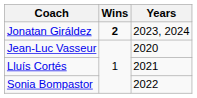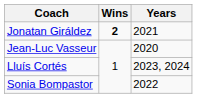 <table class="wikitable sortable">
 <tr>
 <th>Coach</th>
 <th>Wins</th>
 <th>Years</th>
 </tr>
 <tr>
 <td> <a href='#'>Jonatan Giráldez</a></td>
 <td align="center"><strong>2</strong></td>
-<td>2023, 2024</td>
+<td>2021</td>
 </tr>
 <tr>
 <td> <a href='#'>Jean-Luc Vasseur</a></td>
 <td rowspan="3" align="center">1</td>
 <td>2020</td>
 </tr>
 <tr>
 <td> <a href='#'>Lluís Cortés</a></td>
-<td>2021</td>
+<td>2023, 2024</td>
 </tr>
 <tr>
 <td> <a href='#'>Sonia Bompastor</a></td>
 <td>2022</td>
 </tr>
 </table>
